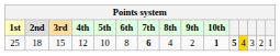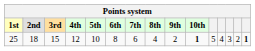 <table class="wikitable" style="font-size:85%; text-align:center">
 <tr>
 <th colspan="23">Points system</th>
 </tr>
 <tr>
 <td style="background:#ffffbf;"> <strong>1st</strong> </td>
 <td style="background:#dfdfdf;"> <strong>2nd</strong> </td>
 <td style="background:#ffdf9f;"> <strong>3rd</strong> </td>
 <td style="background:#dfffdf;"> <strong>4th</strong> </td>
 <td style="background:#dfffdf;"> <strong>5th</strong> </td>
 <td style="background:#dfffdf;"> <strong>6th</strong> </td>
 <td style="background:#dfffdf;"> <strong>7th</strong> </td>
 <td style="background:#dfffdf;"> <strong>8th</strong> </td>
 <td style="background:#dfffdf;"> <strong>9th</strong> </td>
 <td style="background:#dfffdf;"> <strong>10th</strong> </td>
 <th></th>
 <th></th>
 <th></th>
 <th></th>
 <th></th>
 </tr>
 <tr>
 <td>25</td>
 <td>18</td>
 <td>15</td>
 <td>12</td>
 <td>10</td>
 <td>8</td>
-<td><strong>6</strong></td>
+<td>6</td>
 <td>4</td>
 <td>2</td>
 <td><strong>1</strong></td>
-<td><strong>5</strong></td>
-<td style="background: gold;">4</td>
+<td>5</td>
+<td>4</td>
 <td>3</td>
 <td>2</td>
-<td>1</td>
+<td><strong>1</strong></td>
 </tr>
 </table>
